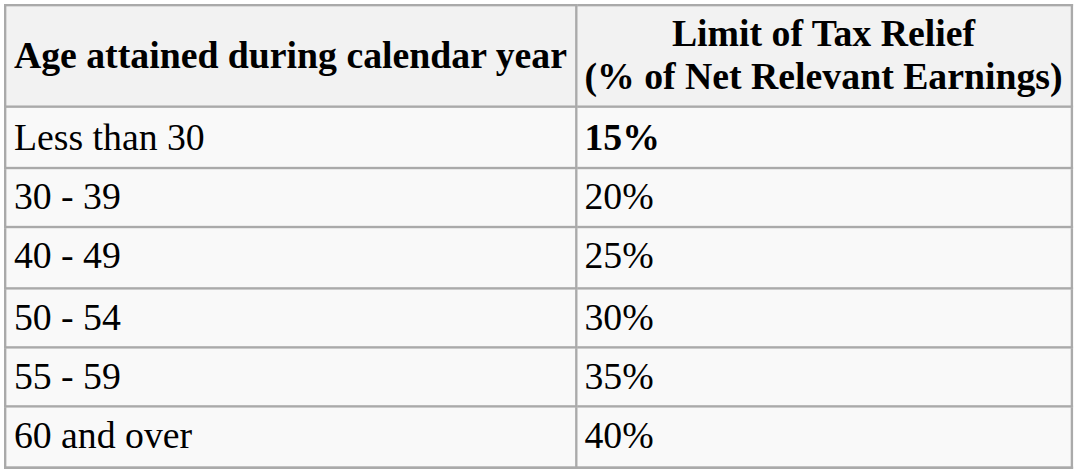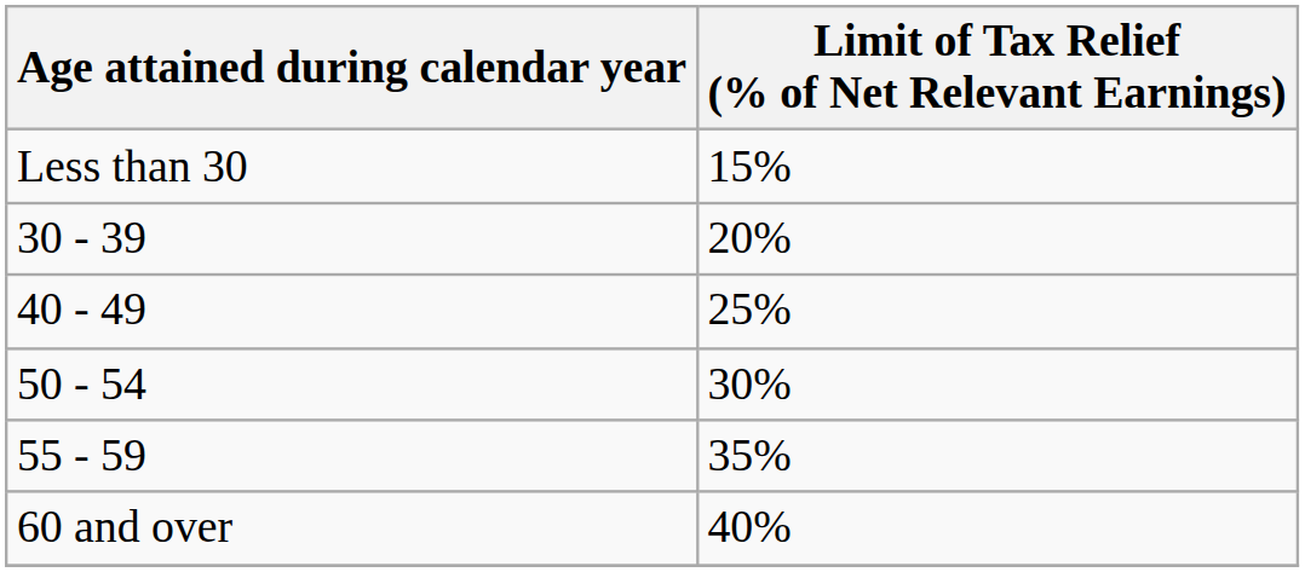 <table class="wikitable sortable">
 <tr>
 <th>Age attained during calendar year</th>
 <th>Limit of Tax Relief<br>(% of Net Relevant Earnings)</th>
 </tr>
 <tr>
 <td>Less than 30</td>
-<td><strong>15%</strong></td>
+<td>15%</td>
 </tr>
 <tr>
 <td>30 - 39</td>
 <td>20%</td>
 </tr>
 <tr>
 <td>40 - 49</td>
 <td>25%</td>
 </tr>
 <tr>
 <td>50 - 54</td>
 <td>30%</td>
 </tr>
 <tr>
 <td>55 - 59</td>
 <td>35%</td>
 </tr>
 <tr>
 <td>60 and over</td>
 <td>40%</td>
 </tr>
 <tr>
 </tr>
 </table>
